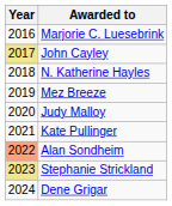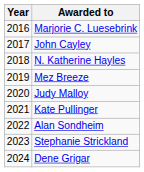 <table class="wikitable">
 <tr>
 <th>Year</th>
 <th>Awarded to</th>
 </tr>
 <tr>
 <td>2016</td>
 <td><a href='#'>Marjorie C. Luesebrink</a></td>
 </tr>
 <tr>
-<td style="background: khaki;">2017</td>
+<td>2017</td>
 <td><a href='#'>John Cayley</a></td>
 </tr>
 <tr>
 <td>2018</td>
 <td><a href='#'>N. Katherine Hayles</a></td>
 </tr>
 <tr>
 <td>2019</td>
 <td><a href='#'>Mez Breeze</a></td>
 </tr>
 <tr>
 <td>2020</td>
 <td><a href='#'>Judy Malloy</a></td>
 </tr>
 <tr>
 <td>2021</td>
 <td><a href='#'>Kate Pullinger</a></td>
 </tr>
 <tr>
-<td style="background: lightsalmon;">2022</td>
+<td>2022</td>
 <td><a href='#'>Alan Sondheim</a></td>
 </tr>
 <tr>
-<td style="background: khaki;">2023</td>
+<td>2023</td>
 <td><a href='#'>Stephanie Strickland</a></td>
 </tr>
 <tr>
 <td>2024</td>
 <td><a href='#'>Dene Grigar</a></td>
 </tr>
 </table>
